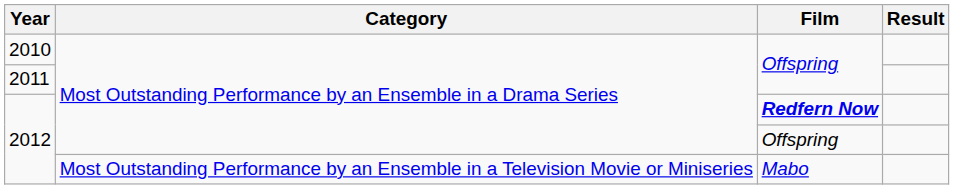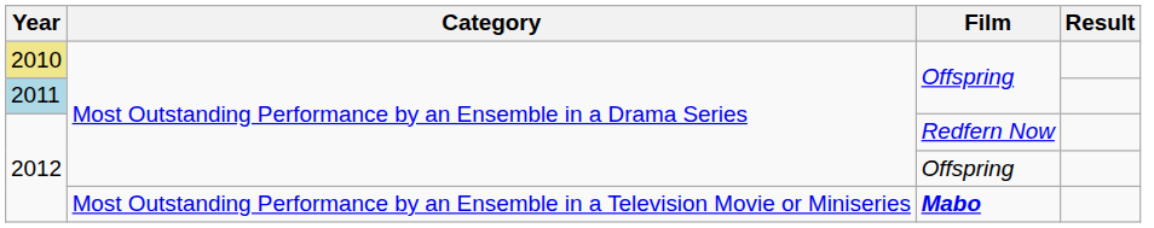 <table class="wikitable">
 <tr>
 <th>Year</th>
 <th>Category</th>
 <th>Film</th>
 <th>Result</th>
 </tr>
 <tr>
-<td>2010</td>
+<td style="background: khaki;">2010</td>
 <td rowspan=4><a href='#'>Most Outstanding Performance by an Ensemble in a Drama Series</a></td>
 <td rowspan=2><em><a href='#'>Offspring</a></em></td>
 <td></td>
 </tr>
 <tr>
-<td>2011</td>
+<td style="background: lightblue;">2011</td>
 <td></td>
 </tr>
 <tr>
 <td rowspan=3>2012</td>
-<td><strong><em><a href='#'>Redfern Now</a></em></strong></td>
+<td><em><a href='#'>Redfern Now</a></em></td>
 <td></td>
 </tr>
 <tr>
 <td><em>Offspring</em></td>
 <td></td>
 </tr>
 <tr>
 <td><a href='#'>Most Outstanding Performance by an Ensemble in a Television Movie or Miniseries</a></td>
-<td><em><a href='#'>Mabo</a></em></td>
+<td><strong><em><a href='#'>Mabo</a></em></strong></td>
 <td></td>
 </tr>
 </table>
